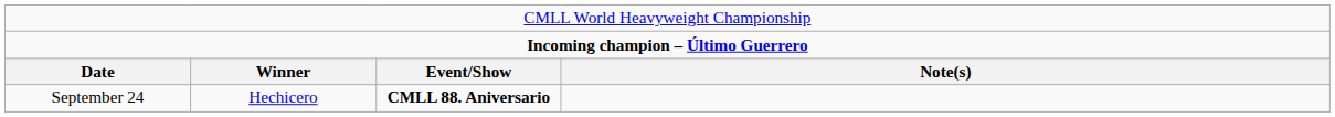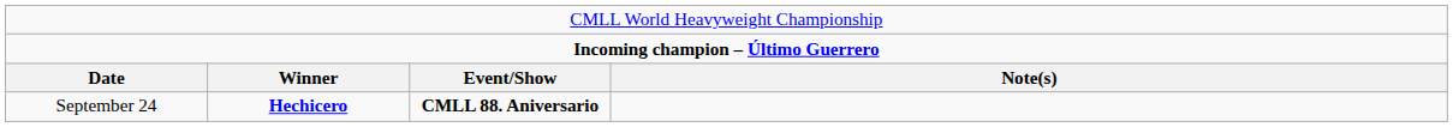 <table class="wikitable" style="text-align:center; width:100%;">
 <tr>
 <td colspan="4" style="text-align: center;"><a href='#'>CMLL World Heavyweight Championship</a></td>
 </tr>
 <tr>
 <td colspan="4" style="text-align: center;"><strong>Incoming champion – <a href='#'>Último Guerrero</a></strong></td>
 </tr>
 <tr>
 <th width=14%>Date</th>
 <th width=14%>Winner</th>
 <th width=14%>Event/Show</th>
 <th width=58%>Note(s)</th>
 </tr>
 <tr>
 <td>September 24</td>
-<td><a href='#'>Hechicero</a></td>
+<td><strong><a href='#'>Hechicero</a></strong></td>
 <td><strong>CMLL 88. Aniversario</strong></td>
 <td></td>
 </tr>
 </table>
